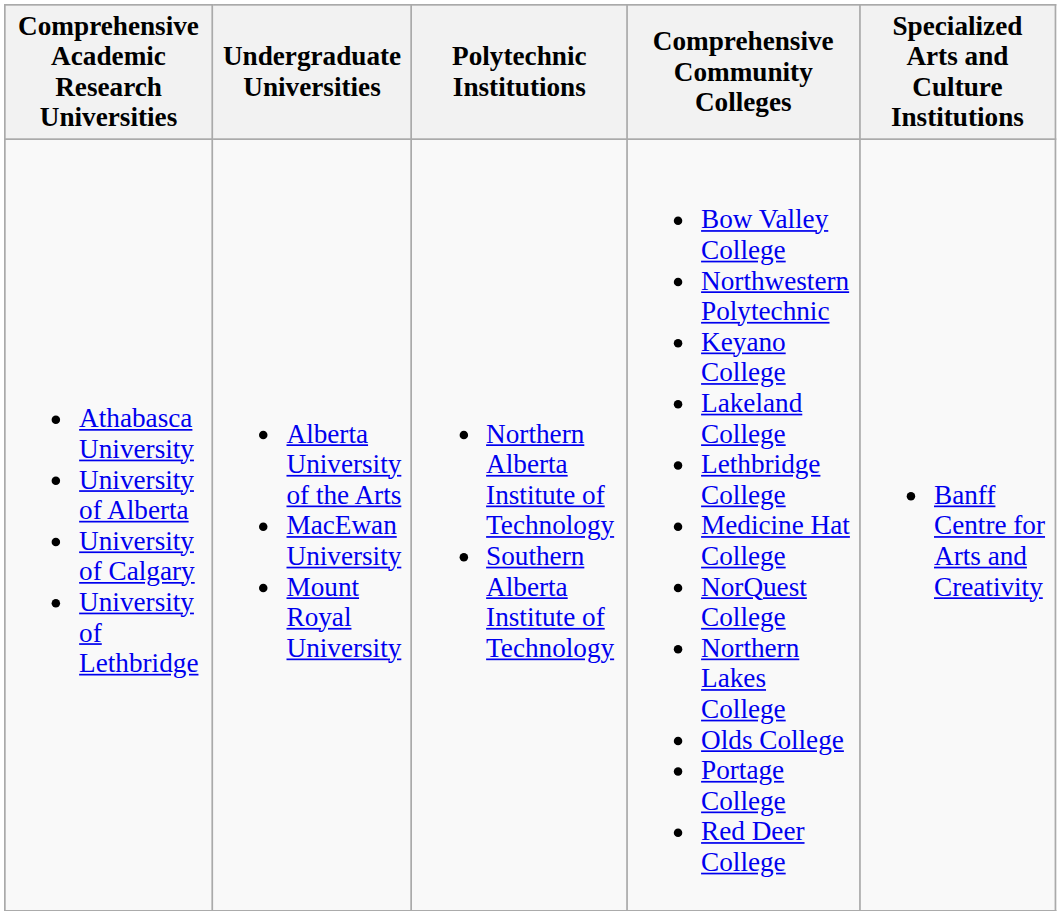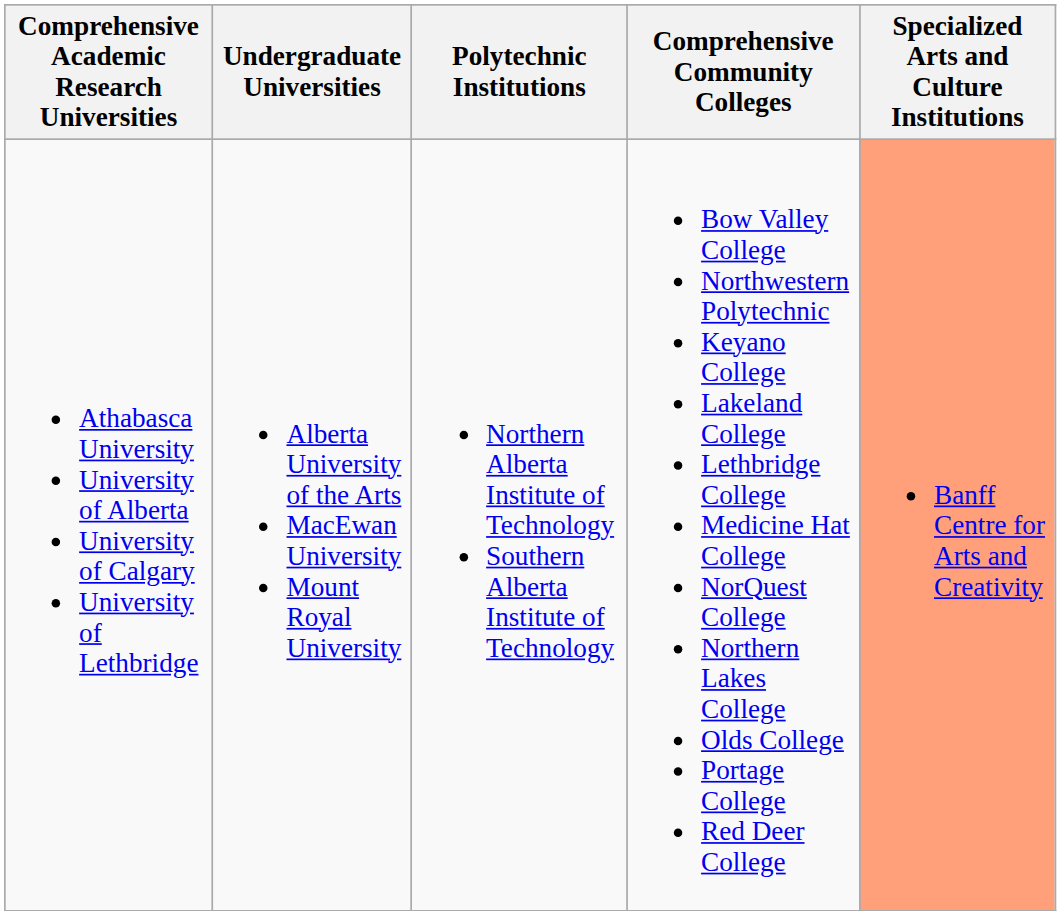 <table class="wikitable" style="width: 70%; height: 14em;">
 <tr>
 <th>Comprehensive Academic Research Universities</th>
 <th>Undergraduate Universities</th>
 <th>Polytechnic Institutions</th>
 <th>Comprehensive Community Colleges</th>
 <th>Specialized Arts and Culture Institutions</th>
 </tr>
 <tr>
 <td><br><ul><li><a href='#'>Athabasca University</a></li><li><a href='#'>University of Alberta</a></li><li><a href='#'>University of Calgary</a></li><li><a href='#'>University of Lethbridge</a></li></ul></td>
 <td><br><ul><li><a href='#'>Alberta University of the Arts</a></li><li><a href='#'>MacEwan University</a></li><li><a href='#'>Mount Royal University</a></li></ul></td>
 <td><br><ul><li><a href='#'>Northern Alberta Institute of Technology</a></li><li><a href='#'>Southern Alberta Institute of Technology</a></li></ul></td>
 <td><br><ul><li><a href='#'>Bow Valley College</a></li><li><a href='#'>Northwestern Polytechnic</a></li><li><a href='#'>Keyano College</a></li><li><a href='#'>Lakeland College</a></li><li><a href='#'>Lethbridge College</a></li><li><a href='#'>Medicine Hat College</a></li><li><a href='#'>NorQuest College</a></li><li><a href='#'>Northern Lakes College</a></li><li><a href='#'>Olds College</a></li><li><a href='#'>Portage College</a></li><li><a href='#'>Red Deer College</a></li></ul></td>
-<td><br><ul><li><a href='#'>Banff Centre for Arts and Creativity</a></li></ul></td>
+<td style="background: lightsalmon;"><br><ul><li><a href='#'>Banff Centre for Arts and Creativity</a></li></ul></td>
 </tr>
 <tr>
 </tr>
 </table>
